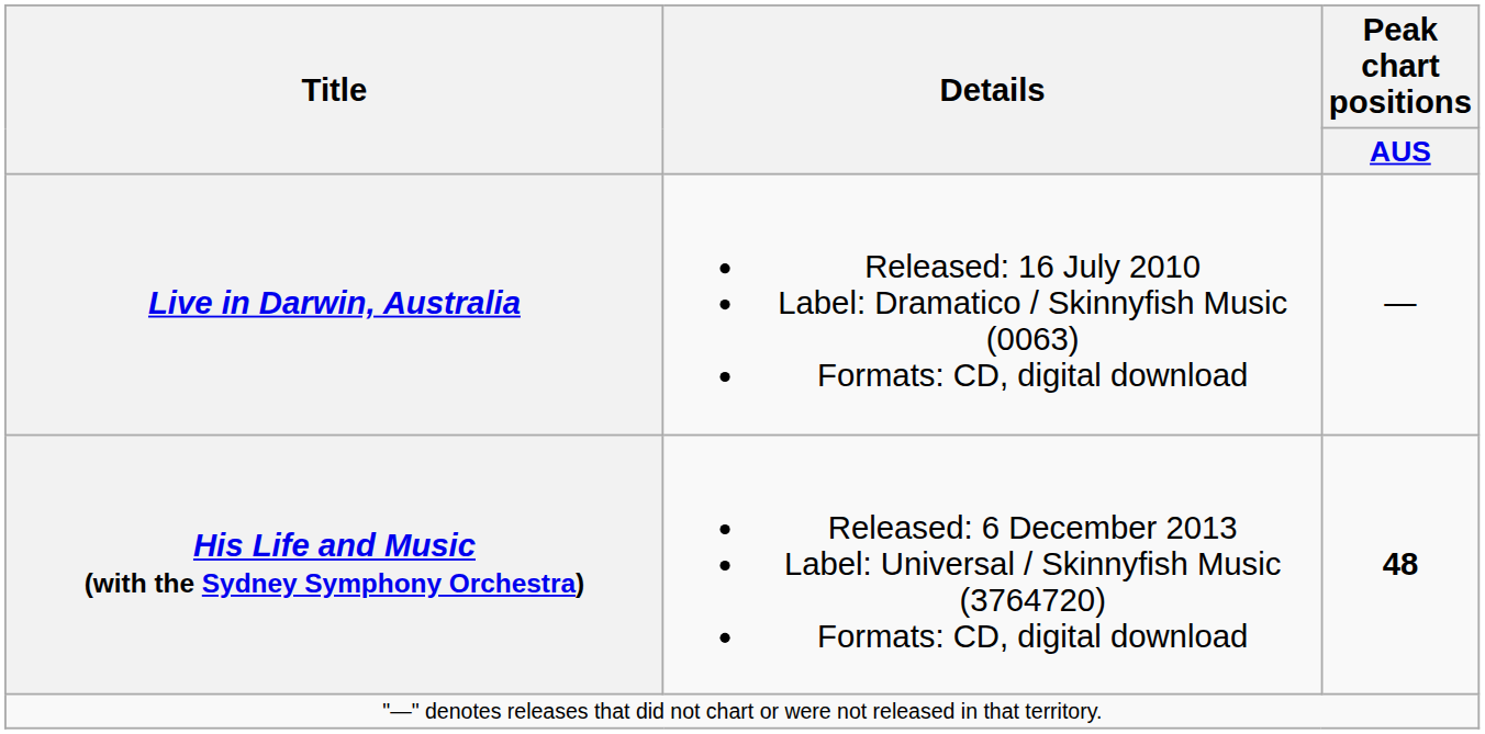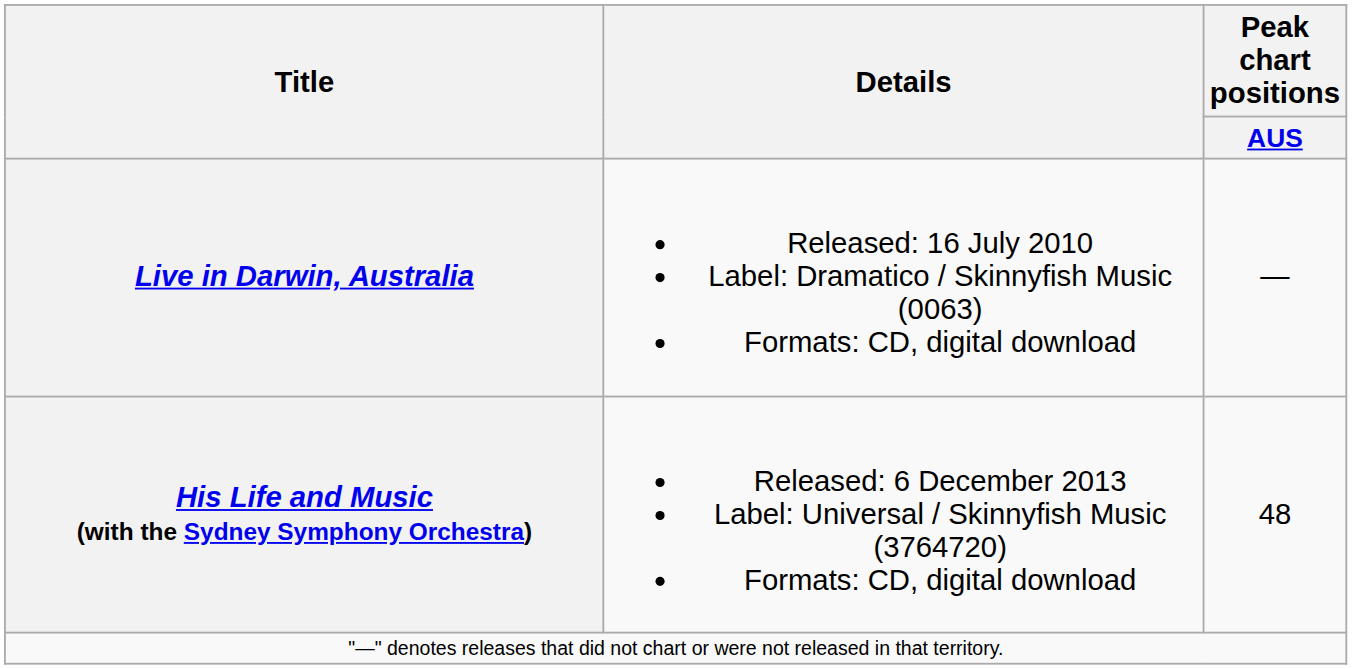 <table class="wikitable plainrowheaders" style="text-align:center;" border="1">
 <tr>
 <th scope="col" rowspan="2" style="width:20em;">Title</th>
 <th scope="col" rowspan="2" style="width:20em;">Details</th>
 <th scope="col" colspan="1">Peak chart positions</th>
 </tr>
 <tr>
 <th scope="col" style="width:2.5em;font-size:90%;"><a href='#'>AUS</a><br></th>
 </tr>
 <tr>
 <th scope="row"><em><a href='#'>Live in Darwin, Australia</a></em></th>
 <td><br><ul><li>Released: 16 July 2010</li><li>Label: Dramatico / Skinnyfish Music (0063)</li><li>Formats: CD, digital download</li></ul></td>
 <td>—</td>
 </tr>
 <tr>
 <th scope="row"><em><a href='#'>His Life and Music</a></em><br> <small>(with the <a href='#'>Sydney Symphony Orchestra</a>)</small></th>
 <td><br><ul><li>Released: 6 December 2013</li><li>Label: Universal / Skinnyfish Music (3764720)</li><li>Formats: CD, digital download</li></ul></td>
-<td><strong>48</strong></td>
+<td>48</td>
 </tr>
 <tr>
 <td align="center" colspan="15" style="font-size:8pt">"—" denotes releases that did not chart or were not released in that territory.</td>
 </tr>
 </table>
